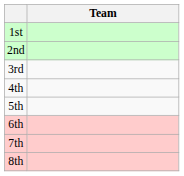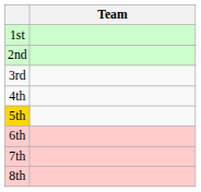 <table class="wikitable" style="text-align:center">
 <tr>
 <th width=15></th>
 <th width=200>Team</th>
 </tr>
 <tr style="background:#ccffcc">
 <td>1st</td>
 <td align=left></td>
 </tr>
 <tr style="background:#ccffcc">
 <td>2nd</td>
 <td align=left></td>
 </tr>
 <tr>
 <td>3rd</td>
 <td align=left></td>
 </tr>
 <tr>
 <td>4th</td>
 <td align=left></td>
 </tr>
 <tr>
-<td>5th</td>
+<td style="background: gold;">5th</td>
 <td align=left></td>
 </tr>
 <tr style="text-align:center; background:#ffcccc;">
 <td>6th</td>
 <td align=left></td>
 </tr>
 <tr style="text-align:center; background:#ffcccc;">
 <td>7th</td>
 <td align=left></td>
 </tr>
 <tr style="text-align:center; background:#ffcccc;">
 <td>8th</td>
 <td align=left></td>
 </tr>
 </table>
